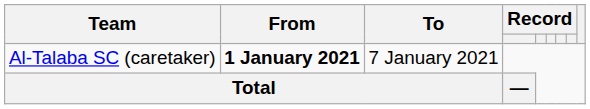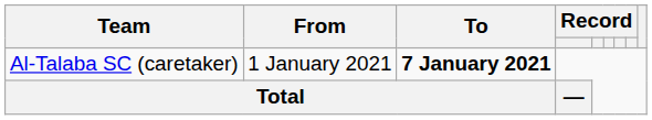 <table class=wikitable style=text-align:center>
 <tr>
 <th rowspan=2>Team</th>
 <th rowspan=2>From</th>
 <th rowspan=2>To</th>
 <th colspan=5>Record</th>
 <th rowspan=2></th>
 </tr>
 <tr>
 <th></th>
 <th></th>
 <th></th>
 <th></th>
 <th></th>
 </tr>
 <tr>
 <td align=left><a href='#'>Al-Talaba SC</a> (caretaker)</td>
-<td align=left><strong>1 January 2021</strong></td>
-<td align=left>7 January 2021<br></td>
+<td align=left>1 January 2021</td>
+<td align=left><strong>7 January 2021<br></strong></td>
 </tr>
 <tr>
 <th colspan=3>Total<br></th>
 <th>—</th>
 </tr>
 </table>
